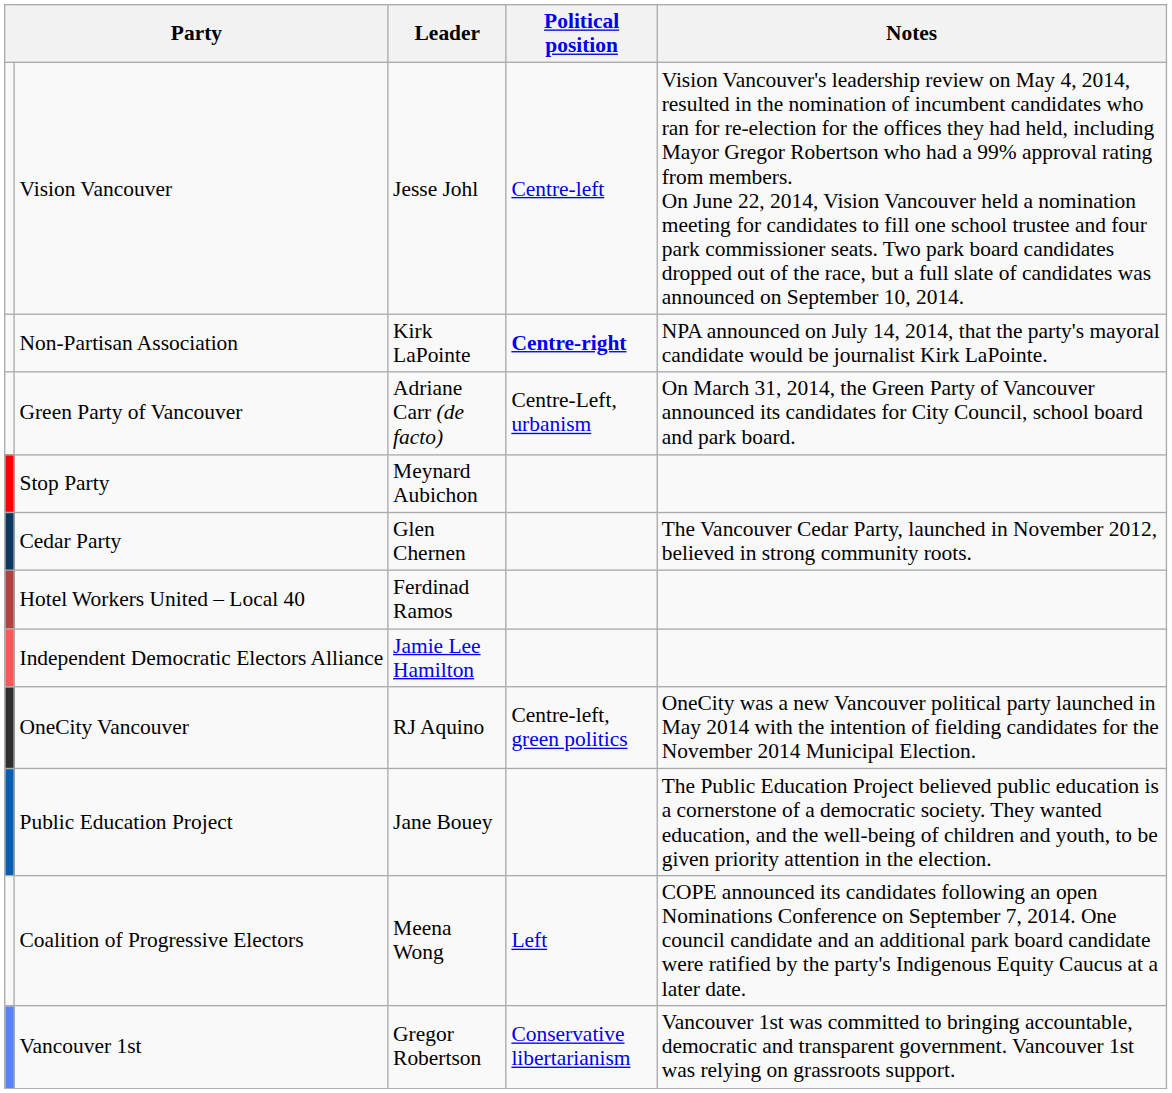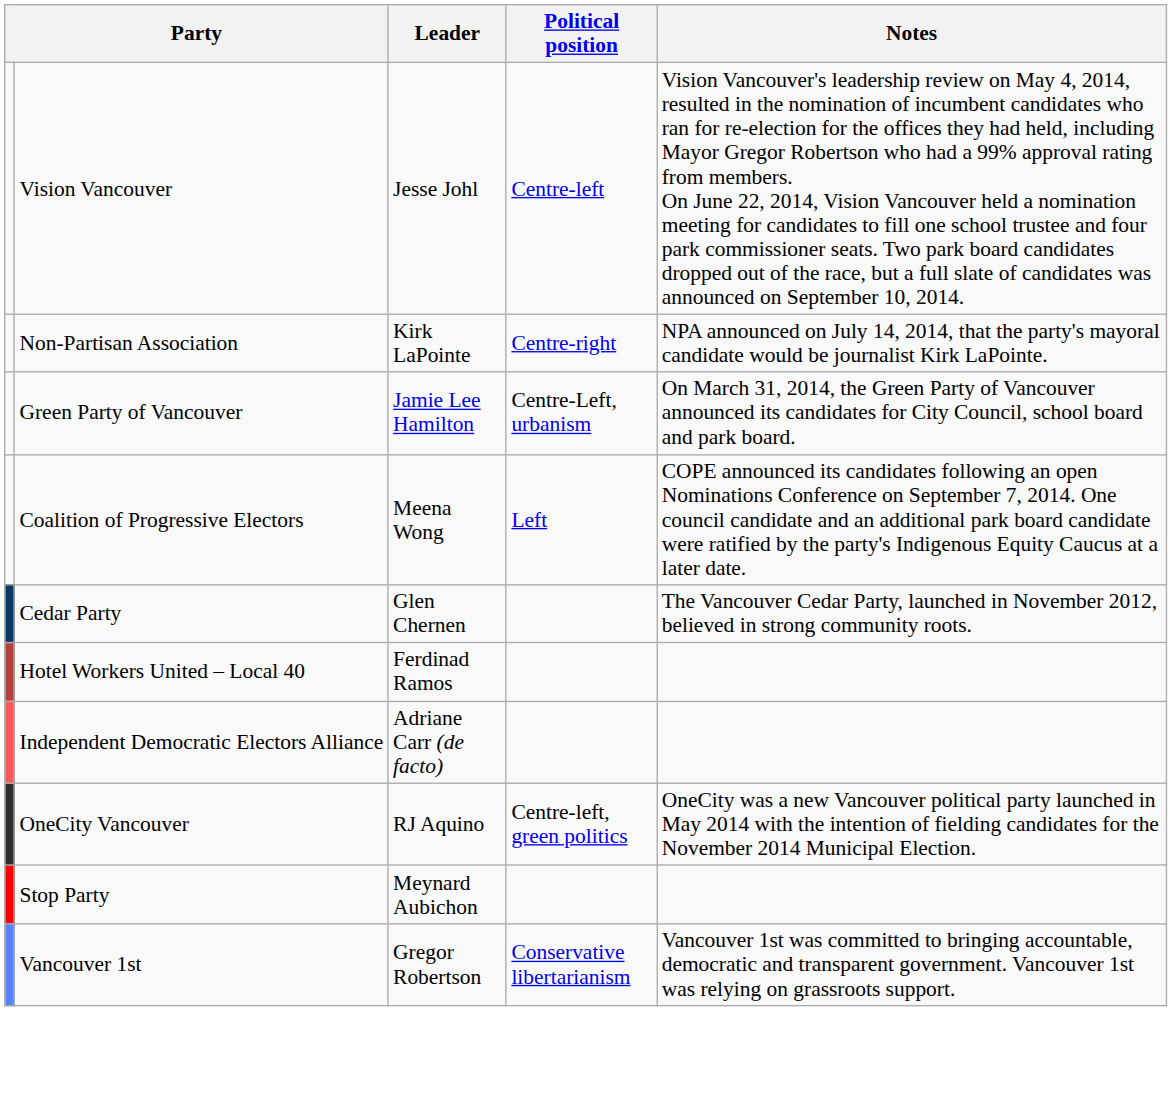 <table class="wikitable">
 <tr>
 <th colspan="2">Party</th>
 <th>Leader</th>
 <th><a href='#'>Political position</a></th>
 <th>Notes</th>
 </tr>
 <tr>
 <td style="background:"></td>
 <td>Vision Vancouver</td>
 <td>Jesse Johl</td>
 <td><a href='#'>Centre-left</a></td>
 <td>Vision Vancouver's leadership review on May 4, 2014, resulted in the nomination of incumbent candidates who ran for re-election for the offices they had held, including Mayor Gregor Robertson who had a 99% approval rating from members.<br>On June 22, 2014, Vision Vancouver held a nomination meeting for candidates to fill one school trustee and four park commissioner seats. Two park board candidates dropped out of the race, but a full slate of candidates was announced on September 10, 2014.</td>
 </tr>
 <tr>
 <td style="background:"></td>
 <td>Non-Partisan Association</td>
 <td>Kirk LaPointe</td>
-<td><strong><a href='#'>Centre-right</a></strong></td>
+<td><a href='#'>Centre-right</a></td>
 <td>NPA announced on July 14, 2014, that the party's mayoral candidate would be journalist Kirk LaPointe.</td>
 </tr>
 <tr>
 <td style="background:"></td>
 <td>Green Party of Vancouver</td>
-<td>Adriane Carr <em>(de facto)</em></td>
+<td><a href='#'>Jamie Lee Hamilton</a></td>
 <td>Centre-Left, <a href='#'>urbanism</a></td>
 <td>On March 31, 2014, the Green Party of Vancouver announced its candidates for City Council, school board and park board.</td>
 </tr>
 <tr>
-<td style="background:red;"></td>
-<td nowrap>Stop Party</td>
-<td>Meynard Aubichon</td>
-<td></td>
-<td></td>
+<td style="background:"></td>
+<td nowrap>Coalition of Progressive Electors</td>
+<td>Meena Wong</td>
+<td><a href='#'>Left</a></td>
+<td>COPE announced its candidates following an open Nominations Conference on September 7, 2014. One council candidate and an additional park board candidate were ratified by the party's Indigenous Equity Caucus at a later date.</td>
 </tr>
 <tr>
 <td style="background:#0B3861;"></td>
 <td nowrap>Cedar Party</td>
 <td>Glen Chernen</td>
 <td></td>
 <td>The Vancouver Cedar Party, launched in November 2012, believed in strong community roots.</td>
 </tr>
 <tr>
 <td style="background:#B43F3F;"></td>
 <td nowrap>Hotel Workers United – Local 40</td>
 <td>Ferdinad Ramos</td>
 <td></td>
 <td></td>
 </tr>
 <tr>
 <td style="background:#FA5858;"></td>
 <td nowrap>Independent Democratic Electors Alliance</td>
-<td><a href='#'>Jamie Lee Hamilton</a></td>
+<td>Adriane Carr <em>(de facto)</em></td>
 <td></td>
 <td></td>
 </tr>
 <tr>
 <td style="background:#2E2E2E;"></td>
 <td nowrap>OneCity Vancouver</td>
 <td>RJ Aquino</td>
 <td>Centre-left, <a href='#'>green politics</a></td>
 <td>OneCity was a new Vancouver political party launched in May 2014 with the intention of fielding candidates for the November 2014 Municipal Election.</td>
 </tr>
 <tr>
-<td style="background:#045FB4;"></td>
-<td nowrap>Public Education Project</td>
-<td>Jane Bouey</td>
+<td style="background:red;"></td>
+<td nowrap>Stop Party</td>
+<td>Meynard Aubichon</td>
 <td></td>
-<td>The Public Education Project believed public education is a cornerstone of a democratic society. They wanted education, and the well-being of children and youth, to be given priority attention in the election.</td>
-</tr>
-<tr>
-<td style="background:"></td>
-<td nowrap>Coalition of Progressive Electors</td>
-<td>Meena Wong</td>
-<td><a href='#'>Left</a></td>
-<td>COPE announced its candidates following an open Nominations Conference on September 7, 2014. One council candidate and an additional park board candidate were ratified by the party's Indigenous Equity Caucus at a later date.</td>
+<td></td>
 </tr>
 <tr>
 <td style="background:#5882FA;"></td>
 <td nowrap>Vancouver 1st</td>
 <td>Gregor Robertson</td>
 <td><a href='#'>Conservative libertarianism</a></td>
 <td>Vancouver 1st was committed to bringing accountable, democratic and transparent government. Vancouver 1st was relying on grassroots support.</td>
 </tr>
 </table>
